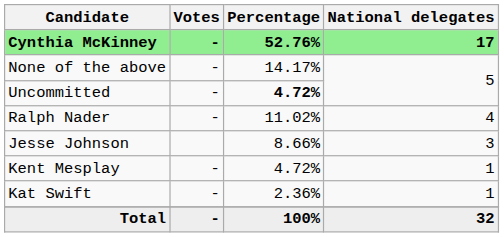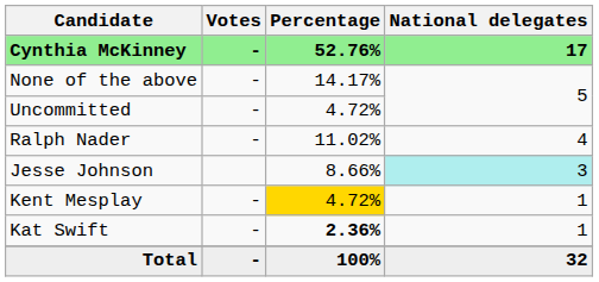 <table class="wikitable" style=" text-align:right;">
 <tr>
 <th>Candidate</th>
 <th>Votes</th>
 <th>Percentage</th>
 <th>National delegates</th>
 </tr>
 <tr style="background:lightgreen;">
 <td style="text-align:left;"><strong>Cynthia McKinney</strong></td>
 <td><strong>-</strong></td>
 <td><strong>52.76%</strong></td>
 <td><strong>17</strong></td>
 </tr>
 <tr>
 <td style="text-align:left;">None of the above</td>
 <td>-</td>
 <td>14.17%</td>
 <td rowspan=2>5</td>
 </tr>
 <tr>
 <td style="text-align:left;">Uncommitted</td>
 <td>-</td>
-<td><strong>4.72%</strong></td>
+<td>4.72%</td>
 </tr>
 <tr>
 <td style="text-align:left;">Ralph Nader</td>
 <td>-</td>
 <td>11.02%</td>
 <td>4</td>
 </tr>
 <tr>
 <td style="text-align:left;">Jesse Johnson</td>
 <td></td>
 <td>8.66%</td>
-<td>3</td>
+<td style="background: paleturquoise;">3</td>
 </tr>
 <tr>
 <td style="text-align:left;">Kent Mesplay</td>
 <td>-</td>
-<td>4.72%</td>
+<td style="background: gold;">4.72%</td>
 <td>1</td>
 </tr>
 <tr>
 <td style="text-align:left;">Kat Swift</td>
 <td>-</td>
-<td>2.36%</td>
+<td><strong>2.36%</strong></td>
 <td>1</td>
 </tr>
 <tr>
 </tr>
 <tr style="background:#eee;">
 <td style="margin-right:0.50px"><strong>Total</strong></td>
 <td style="margin-right:0.50px"><strong>-</strong></td>
 <td style="margin-right:0.50px"><strong>100%</strong></td>
 <td style="margin-right:0.50px"><strong>32</strong></td>
 </tr>
 </table>
